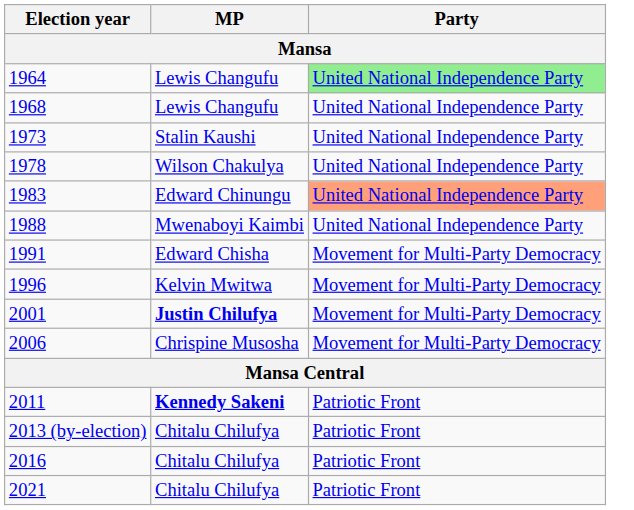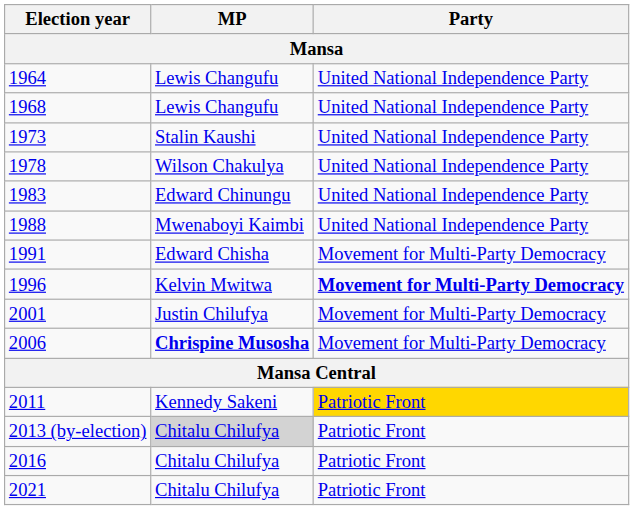 <table class=wikitable>
 <tr>
 <th>Election year</th>
 <th>MP</th>
 <th>Party</th>
 </tr>
 <tr>
 <th colspan=3>Mansa</th>
 </tr>
 <tr>
 <td><a href='#'>1964</a></td>
 <td><a href='#'>Lewis Changufu</a></td>
-<td style="background: lightgreen;"><a href='#'>United National Independence Party</a></td>
+<td><a href='#'>United National Independence Party</a></td>
 </tr>
 <tr>
 <td><a href='#'>1968</a></td>
 <td><a href='#'>Lewis Changufu</a></td>
 <td><a href='#'>United National Independence Party</a></td>
 </tr>
 <tr>
 <td><a href='#'>1973</a></td>
 <td><a href='#'>Stalin Kaushi</a></td>
 <td><a href='#'>United National Independence Party</a></td>
 </tr>
 <tr>
 <td><a href='#'>1978</a></td>
 <td><a href='#'>Wilson Chakulya</a></td>
 <td><a href='#'>United National Independence Party</a></td>
 </tr>
 <tr>
 <td><a href='#'>1983</a></td>
 <td><a href='#'>Edward Chinungu</a></td>
-<td style="background: lightsalmon;"><a href='#'>United National Independence Party</a></td>
+<td><a href='#'>United National Independence Party</a></td>
 </tr>
 <tr>
 <td><a href='#'>1988</a></td>
 <td><a href='#'>Mwenaboyi Kaimbi</a></td>
 <td><a href='#'>United National Independence Party</a></td>
 </tr>
 <tr>
 <td><a href='#'>1991</a></td>
 <td><a href='#'>Edward Chisha</a></td>
 <td><a href='#'>Movement for Multi-Party Democracy</a></td>
 </tr>
 <tr>
 <td><a href='#'>1996</a></td>
 <td><a href='#'>Kelvin Mwitwa</a></td>
-<td><a href='#'>Movement for Multi-Party Democracy</a></td>
+<td><strong><a href='#'>Movement for Multi-Party Democracy</a></strong></td>
 </tr>
 <tr>
 <td><a href='#'>2001</a></td>
-<td><strong><a href='#'>Justin Chilufya</a></strong></td>
+<td><a href='#'>Justin Chilufya</a></td>
 <td><a href='#'>Movement for Multi-Party Democracy</a></td>
 </tr>
 <tr>
 <td><a href='#'>2006</a></td>
-<td><a href='#'>Chrispine Musosha</a></td>
+<td><strong><a href='#'>Chrispine Musosha</a></strong></td>
 <td><a href='#'>Movement for Multi-Party Democracy</a></td>
 </tr>
 <tr>
 <th colspan=3>Mansa Central</th>
 </tr>
 <tr>
 <td><a href='#'>2011</a></td>
-<td><strong><a href='#'>Kennedy Sakeni</a></strong></td>
-<td><a href='#'>Patriotic Front</a></td>
+<td><a href='#'>Kennedy Sakeni</a></td>
+<td style="background: gold;"><a href='#'>Patriotic Front</a></td>
 </tr>
 <tr>
 <td><a href='#'>2013 (by-election)</a></td>
-<td><a href='#'>Chitalu Chilufya</a></td>
+<td style="background: lightgrey;"><a href='#'>Chitalu Chilufya</a></td>
 <td><a href='#'>Patriotic Front</a></td>
 </tr>
 <tr>
 <td><a href='#'>2016</a></td>
 <td><a href='#'>Chitalu Chilufya</a></td>
 <td><a href='#'>Patriotic Front</a></td>
 </tr>
 <tr>
 <td><a href='#'>2021</a></td>
 <td><a href='#'>Chitalu Chilufya</a></td>
 <td><a href='#'>Patriotic Front</a></td>
 </tr>
 </table>
